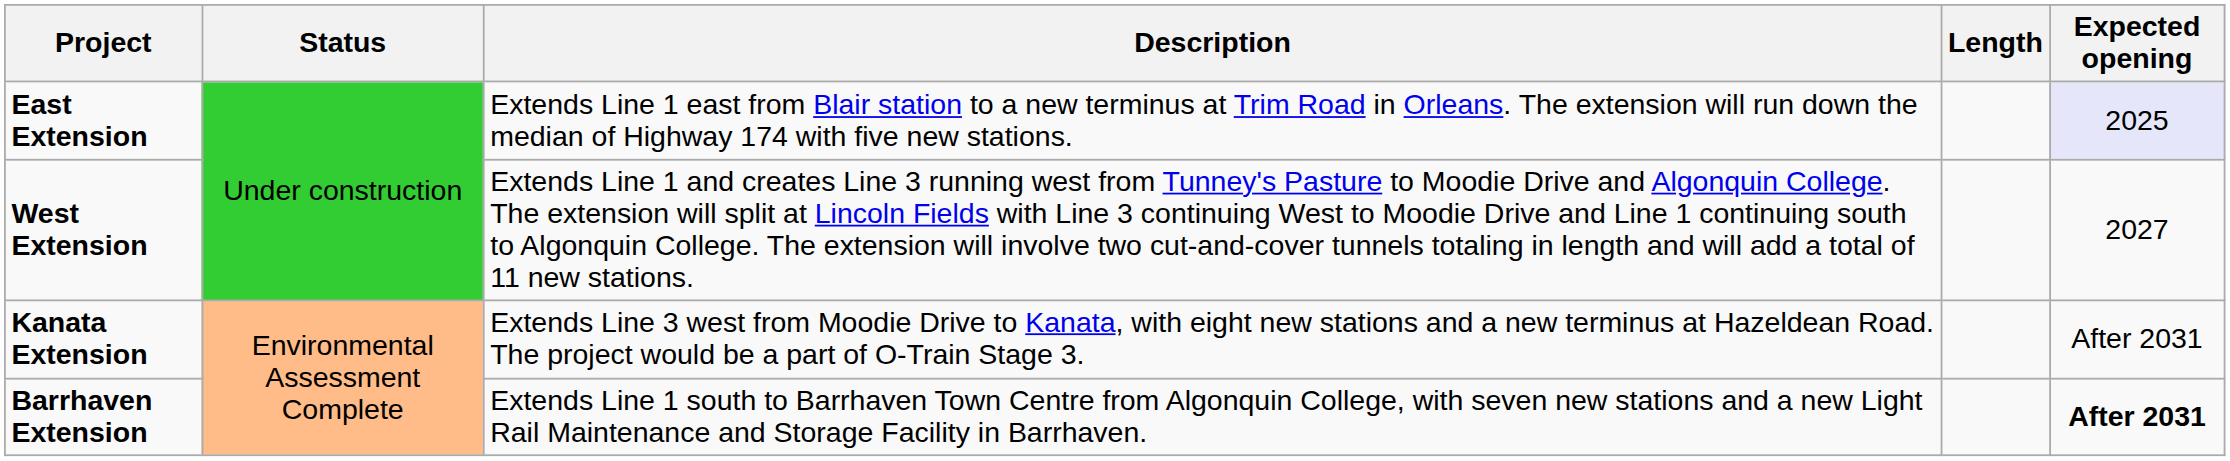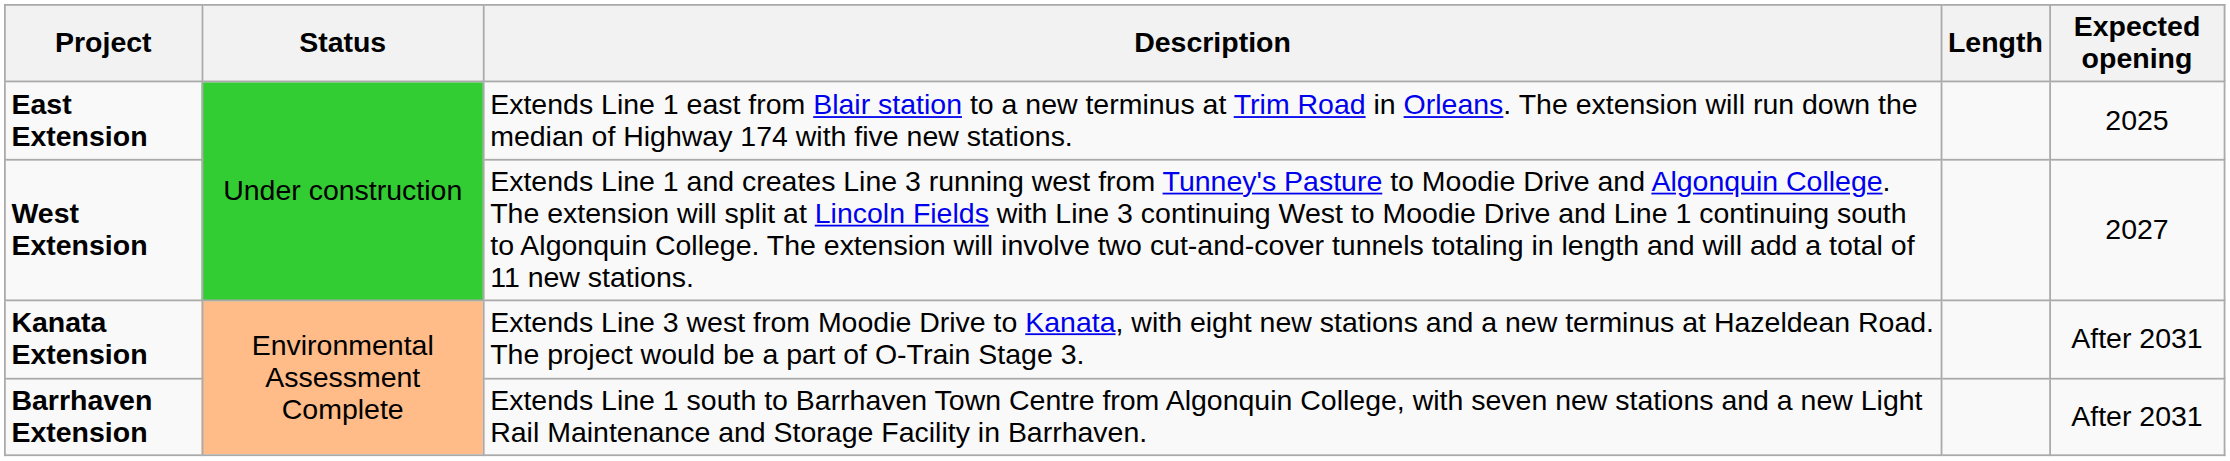 <table class="wikitable sortable">
 <tr>
 <th>Project</th>
 <th>Status</th>
 <th class="unsortable">Description</th>
 <th>Length</th>
 <th>Expected opening</th>
 </tr>
 <tr>
 <td><strong>East Extension</strong></td>
 <td rowspan="2" style="text-align:center; background:#32CD32;">Under construction</td>
 <td>Extends Line 1 east from <a href='#'>Blair station</a> to a new terminus at <a href='#'>Trim Road</a> in <a href='#'>Orleans</a>. The extension will run down the median of Highway 174 with five new stations.</td>
 <td style="text-align:center"></td>
-<td style="background: lavender; text-align:center">2025</td>
+<td style="text-align:center">2025</td>
 </tr>
 <tr>
 <td><strong>West Extension</strong></td>
 <td>Extends Line 1 and creates Line 3 running west from <a href='#'>Tunney's Pasture</a> to Moodie Drive and <a href='#'>Algonquin College</a>. The extension will split at <a href='#'>Lincoln Fields</a> with Line 3 continuing West to Moodie Drive and Line 1 continuing south to Algonquin College. The extension will involve two cut-and-cover tunnels totaling  in length and will add a total of 11 new stations.</td>
 <td style="text-align:center"></td>
 <td style="text-align:center">2027</td>
 </tr>
 <tr>
 <td><strong>Kanata Extension</strong></td>
 <td rowspan="2" style="text-align:center; background:#fb8;">Environmental Assessment Complete</td>
 <td>Extends Line 3 west from Moodie Drive to <a href='#'>Kanata</a>, with eight new stations and a new terminus at Hazeldean Road. The project would be a part of O-Train Stage 3.</td>
 <td style="text-align:center"></td>
 <td style="text-align:center">After 2031</td>
 </tr>
 <tr>
 <td><strong>Barrhaven Extension</strong></td>
 <td>Extends Line 1 south to Barrhaven Town Centre from Algonquin College, with seven new stations and a new Light Rail Maintenance and Storage Facility in Barrhaven.</td>
 <td style="text-align:center"></td>
-<td style="text-align:center"><strong>After 2031</strong></td>
+<td style="text-align:center">After 2031</td>
 </tr>
 </table>
